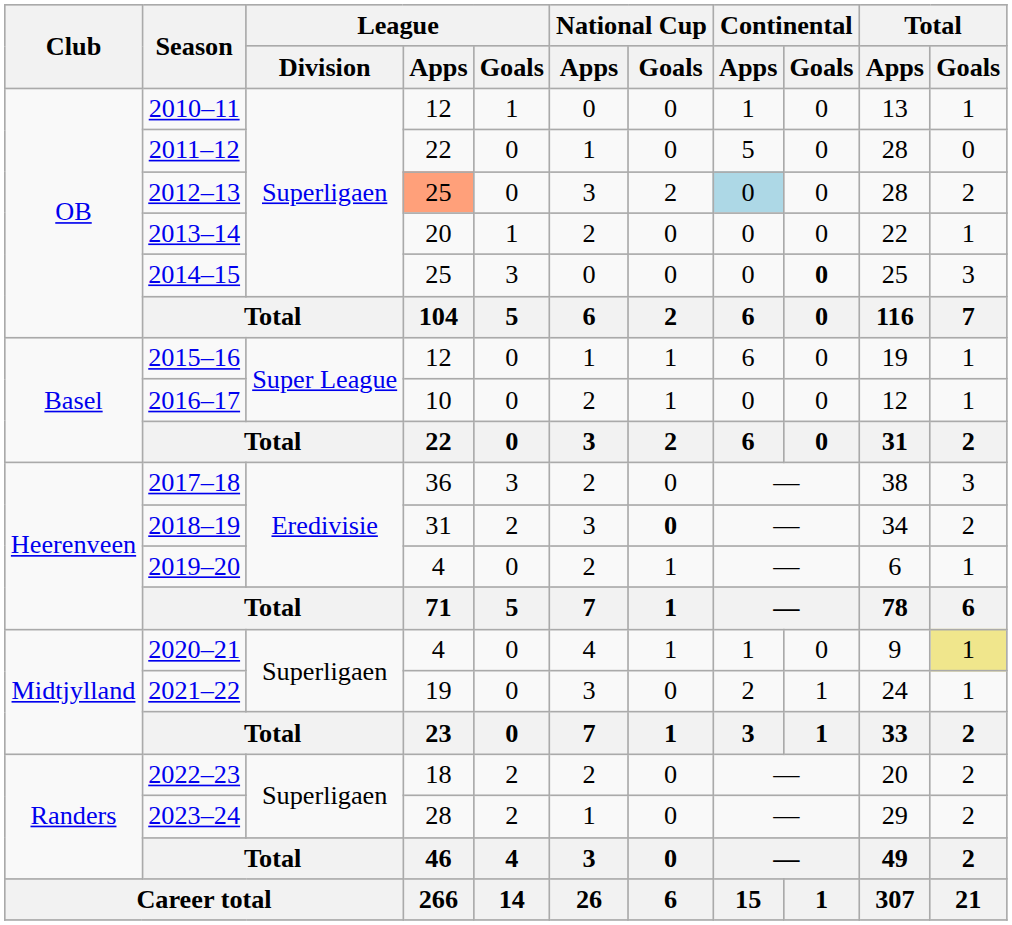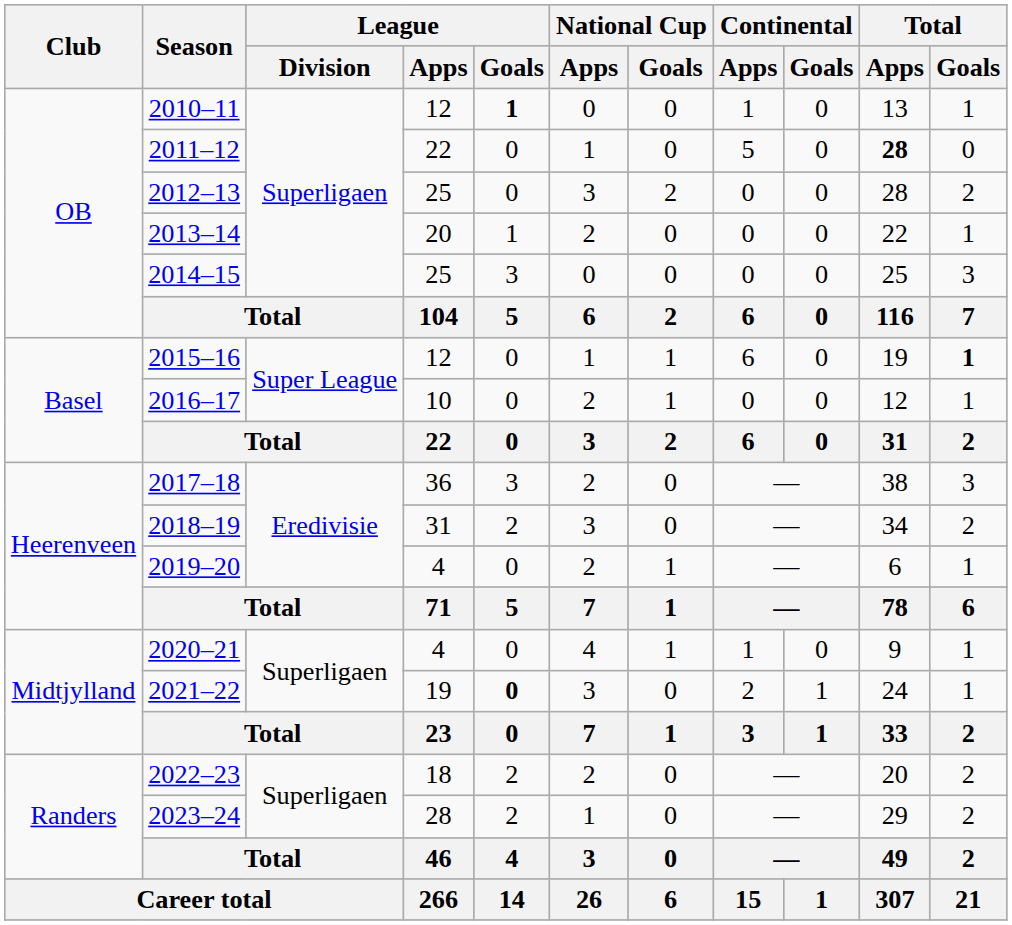 <table class="wikitable" style="text-align:center">
 <tr>
 <th rowspan="2">Club</th>
 <th rowspan="2">Season</th>
 <th colspan="3">League</th>
 <th colspan="2">National Cup</th>
 <th colspan="2">Continental</th>
 <th colspan="2">Total</th>
 </tr>
 <tr>
 <th>Division</th>
 <th>Apps</th>
 <th>Goals</th>
 <th>Apps</th>
 <th>Goals</th>
 <th>Apps</th>
 <th>Goals</th>
 <th>Apps</th>
 <th>Goals</th>
 </tr>
 <tr>
 <td rowspan="6"><a href='#'>OB</a></td>
 <td><a href='#'>2010–11</a></td>
 <td rowspan="5"><a href='#'>Superligaen</a></td>
 <td>12</td>
-<td>1</td>
+<td><strong>1</strong></td>
 <td>0</td>
 <td>0</td>
 <td>1</td>
 <td>0</td>
 <td>13</td>
 <td>1</td>
 </tr>
 <tr>
 <td><a href='#'>2011–12</a></td>
 <td>22</td>
 <td>0</td>
 <td>1</td>
 <td>0</td>
 <td>5</td>
 <td>0</td>
-<td>28</td>
+<td><strong>28</strong></td>
 <td>0</td>
 </tr>
 <tr>
 <td><a href='#'>2012–13</a></td>
-<td style="background: lightsalmon;">25</td>
+<td>25</td>
 <td>0</td>
 <td>3</td>
 <td>2</td>
-<td style="background: lightblue;">0</td>
+<td>0</td>
 <td>0</td>
 <td>28</td>
 <td>2</td>
 </tr>
 <tr>
 <td><a href='#'>2013–14</a></td>
 <td>20</td>
 <td>1</td>
 <td>2</td>
 <td>0</td>
 <td>0</td>
 <td>0</td>
 <td>22</td>
 <td>1</td>
 </tr>
 <tr>
 <td><a href='#'>2014–15</a></td>
 <td>25</td>
 <td>3</td>
 <td>0</td>
 <td>0</td>
 <td>0</td>
-<td><strong>0</strong></td>
+<td>0</td>
 <td>25</td>
 <td>3</td>
 </tr>
 <tr>
 <th colspan="2">Total</th>
 <th>104</th>
 <th>5</th>
 <th>6</th>
 <th>2</th>
 <th>6</th>
 <th>0</th>
 <th>116</th>
 <th>7</th>
 </tr>
 <tr>
 <td rowspan="3"><a href='#'>Basel</a></td>
 <td><a href='#'>2015–16</a></td>
 <td rowspan="2"><a href='#'>Super League</a></td>
 <td>12</td>
 <td>0</td>
 <td>1</td>
 <td>1</td>
 <td>6</td>
 <td>0</td>
 <td>19</td>
-<td>1</td>
+<td><strong>1</strong></td>
 </tr>
 <tr>
 <td><a href='#'>2016–17</a></td>
 <td>10</td>
 <td>0</td>
 <td>2</td>
 <td>1</td>
 <td>0</td>
 <td>0</td>
 <td>12</td>
 <td>1</td>
 </tr>
 <tr>
 <th colspan="2">Total</th>
 <th>22</th>
 <th>0</th>
 <th>3</th>
 <th>2</th>
 <th>6</th>
 <th>0</th>
 <th>31</th>
 <th>2</th>
 </tr>
 <tr>
 <td rowspan="4"><a href='#'>Heerenveen</a></td>
 <td><a href='#'>2017–18</a></td>
 <td rowspan="3"><a href='#'>Eredivisie</a></td>
 <td>36</td>
 <td>3</td>
 <td>2</td>
 <td>0</td>
 <td colspan="2">—</td>
 <td>38</td>
 <td>3</td>
 </tr>
 <tr>
 <td><a href='#'>2018–19</a></td>
 <td>31</td>
 <td>2</td>
 <td>3</td>
-<td><strong>0</strong></td>
+<td>0</td>
 <td colspan="2">—</td>
 <td>34</td>
 <td>2</td>
 </tr>
 <tr>
 <td><a href='#'>2019–20</a></td>
 <td>4</td>
 <td>0</td>
 <td>2</td>
 <td>1</td>
 <td colspan="2">—</td>
 <td>6</td>
 <td>1</td>
 </tr>
 <tr>
 <th colspan="2">Total</th>
 <th>71</th>
 <th>5</th>
 <th>7</th>
 <th>1</th>
 <th colspan="2">—</th>
 <th>78</th>
 <th>6</th>
 </tr>
 <tr>
 <td rowspan="3"><a href='#'>Midtjylland</a></td>
 <td><a href='#'>2020–21</a></td>
 <td rowspan="2">Superligaen</td>
 <td>4</td>
 <td>0</td>
 <td>4</td>
 <td>1</td>
 <td>1</td>
 <td>0</td>
 <td>9</td>
-<td style="background: khaki;">1</td>
+<td>1</td>
 </tr>
 <tr>
 <td><a href='#'>2021–22</a></td>
 <td>19</td>
-<td>0</td>
+<td><strong>0</strong></td>
 <td>3</td>
 <td>0</td>
 <td>2</td>
 <td>1</td>
 <td>24</td>
 <td>1</td>
 </tr>
 <tr>
 <th colspan="2">Total</th>
 <th>23</th>
 <th>0</th>
 <th>7</th>
 <th>1</th>
 <th>3</th>
 <th>1</th>
 <th>33</th>
 <th>2</th>
 </tr>
 <tr>
 <td rowspan="3"><a href='#'>Randers</a></td>
 <td><a href='#'>2022–23</a></td>
 <td rowspan="2">Superligaen</td>
 <td>18</td>
 <td>2</td>
 <td>2</td>
 <td>0</td>
 <td colspan="2">—</td>
 <td>20</td>
 <td>2</td>
 </tr>
 <tr>
 <td><a href='#'>2023–24</a></td>
 <td>28</td>
 <td>2</td>
 <td>1</td>
 <td>0</td>
 <td colspan="2">—</td>
 <td>29</td>
 <td>2</td>
 </tr>
 <tr>
 <th colspan="2">Total</th>
 <th>46</th>
 <th>4</th>
 <th>3</th>
 <th>0</th>
 <th colspan="2">—</th>
 <th>49</th>
 <th>2</th>
 </tr>
 <tr>
 <th colspan="3">Career total</th>
 <th>266</th>
 <th>14</th>
 <th>26</th>
 <th>6</th>
 <th>15</th>
 <th>1</th>
 <th>307</th>
 <th>21</th>
 </tr>
 </table>
